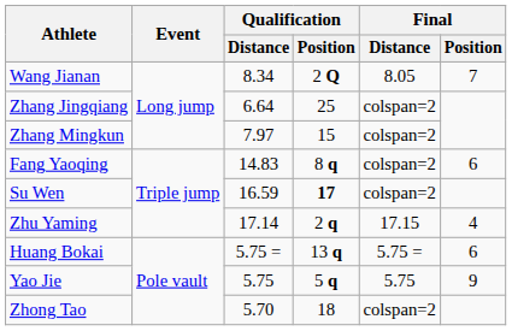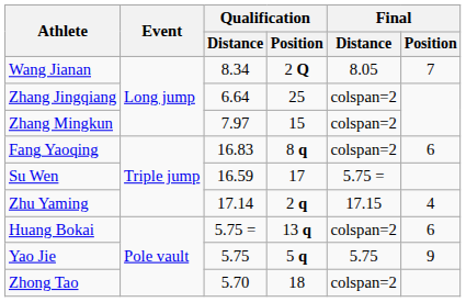 <table class=wikitable style=font-size:90%>
 <tr>
 <th rowspan=2>Athlete</th>
 <th rowspan=2>Event</th>
 <th colspan=2>Qualification</th>
 <th colspan=2>Final</th>
 </tr>
 <tr style=font-size:95%>
 <th>Distance</th>
 <th>Position</th>
 <th>Distance</th>
 <th>Position</th>
 </tr>
 <tr style=text-align:center>
 <td style=text-align:left><a href='#'>Wang Jianan</a></td>
 <td style=text-align:left rowspan=3><a href='#'>Long jump</a></td>
 <td>8.34 </td>
 <td>2 <strong>Q</strong></td>
 <td>8.05</td>
 <td>7</td>
 </tr>
 <tr style=text-align:center>
 <td style=text-align:left><a href='#'>Zhang Jingqiang</a></td>
 <td>6.64</td>
 <td>25</td>
 <td>colspan=2 </td>
 </tr>
 <tr style=text-align:center>
 <td style=text-align:left><a href='#'>Zhang Mingkun</a></td>
 <td>7.97</td>
 <td>15</td>
 <td>colspan=2 </td>
 </tr>
 <tr style=text-align:center>
 <td style=text-align:left><a href='#'>Fang Yaoqing</a></td>
 <td style=text-align:left rowspan=3><a href='#'>Triple jump</a></td>
-<td>14.83</td>
+<td>16.83</td>
 <td>8 <strong>q</strong></td>
 <td>colspan=2 </td>
 <td>6</td>
 </tr>
 <tr style=text-align:center>
 <td style=text-align:left><a href='#'>Su Wen</a></td>
 <td>16.59</td>
-<td><strong>17</strong></td>
-<td>colspan=2 </td>
+<td>17</td>
+<td>5.75 =</td>
 </tr>
 <tr style=text-align:center>
 <td style=text-align:left><a href='#'>Zhu Yaming</a></td>
 <td>17.14</td>
 <td>2 <strong>q</strong></td>
 <td>17.15</td>
 <td>4</td>
 </tr>
 <tr style=text-align:center>
 <td style=text-align:left><a href='#'>Huang Bokai</a></td>
 <td style=text-align:left rowspan=3><a href='#'>Pole vault</a></td>
 <td>5.75 =</td>
 <td>13 <strong>q</strong></td>
-<td>5.75 =</td>
+<td>colspan=2 </td>
 <td>6</td>
 </tr>
 <tr style=text-align:center>
 <td style=text-align:left><a href='#'>Yao Jie</a></td>
 <td>5.75</td>
 <td>5 <strong>q</strong></td>
 <td>5.75</td>
 <td>9</td>
 </tr>
 <tr style=text-align:center>
 <td style=text-align:left><a href='#'>Zhong Tao</a></td>
 <td>5.70</td>
 <td>18</td>
 <td>colspan=2 </td>
 </tr>
 </table>
